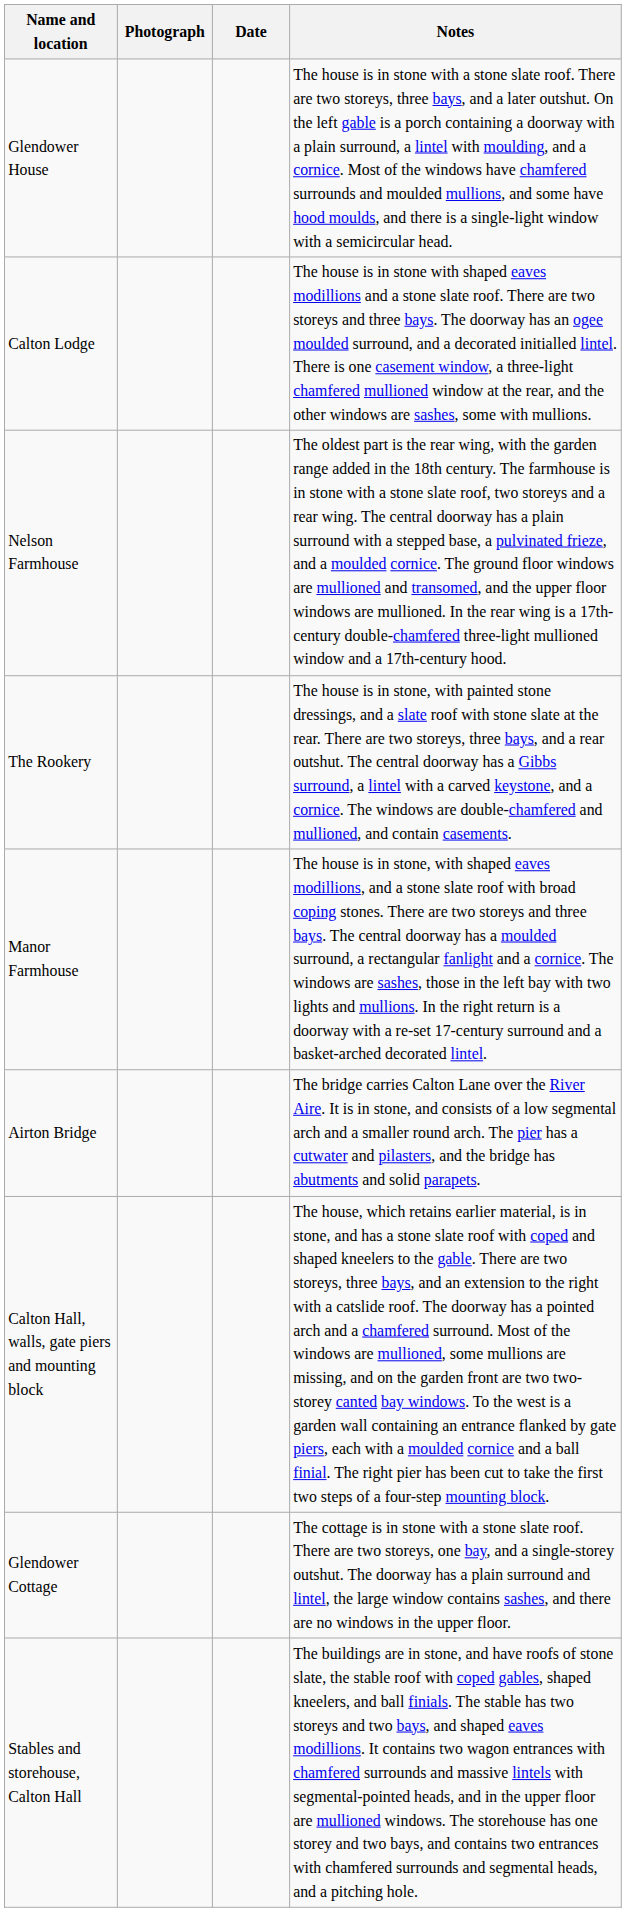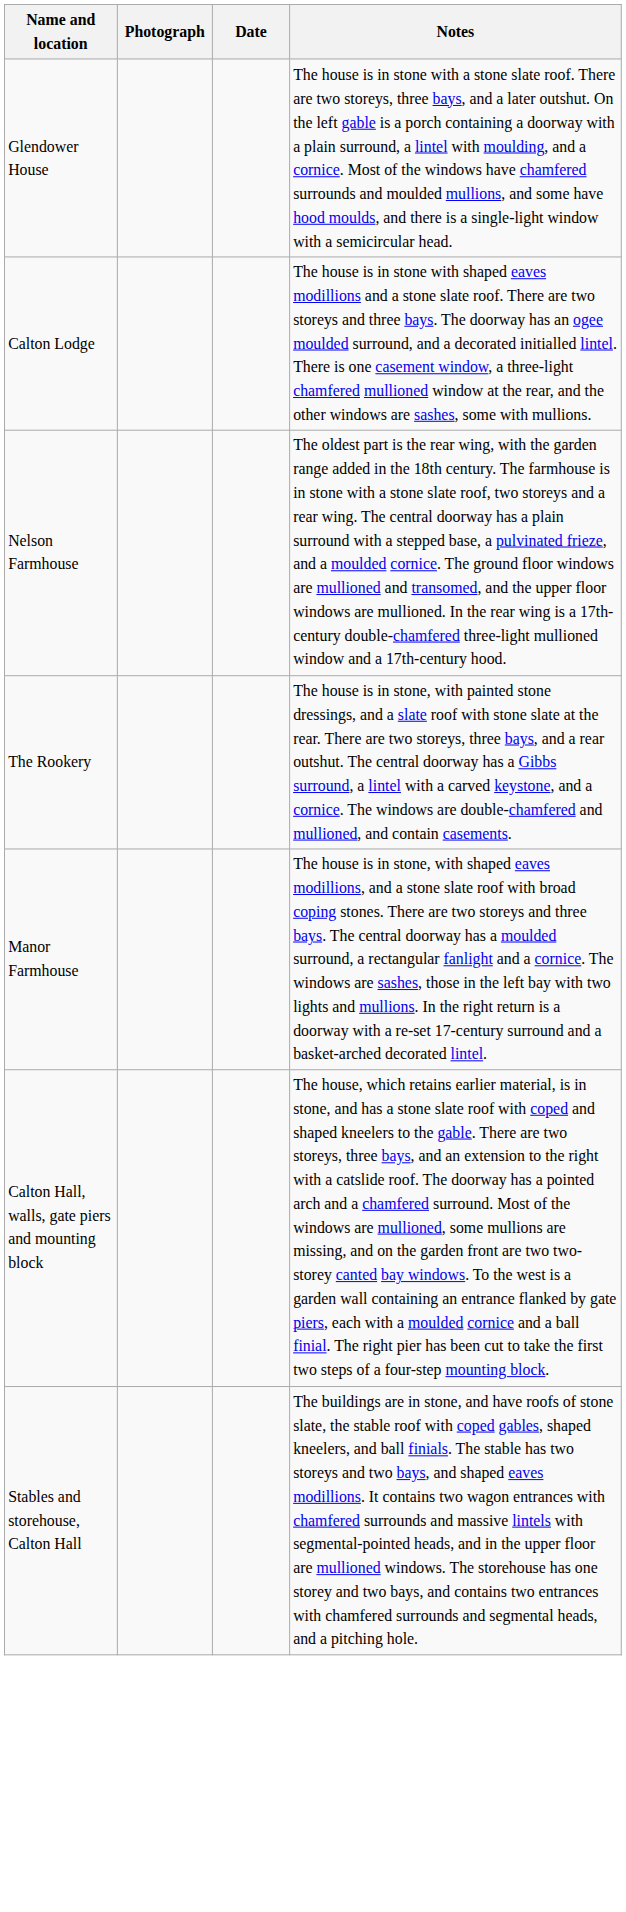 <table class="wikitable sortable plainrowheaders" style="width:100%;border:0px;text-align:left;line-height:150%;">
 <tr>
 <th scope="col"  style="width:150px">Name and location</th>
 <th scope="col"  style="width:100px" class="unsortable">Photograph</th>
 <th scope="col"  style="width:120px">Date</th>
 <th scope="col"  style="width:650px" class="unsortable">Notes</th>
 </tr>
 <tr>
 <td>Glendower House<br><small></small></td>
 <td></td>
 <td align="center"></td>
 <td>The house is in stone with a stone slate roof.  There are two storeys, three <a href='#'>bays</a>, and a later outshut.  On the left <a href='#'>gable</a> is a porch containing a doorway with a plain surround, a <a href='#'>lintel</a> with <a href='#'>moulding</a>, and a <a href='#'>cornice</a>.  Most of the windows have <a href='#'>chamfered</a> surrounds and moulded <a href='#'>mullions</a>, and some have <a href='#'>hood moulds</a>, and there is a single-light window with a semicircular head.</td>
 </tr>
 <tr>
 <td>Calton Lodge<br><small></small></td>
 <td></td>
 <td align="center"></td>
 <td>The house is in stone with shaped <a href='#'>eaves</a> <a href='#'>modillions</a> and a stone slate roof.  There are two storeys and three <a href='#'>bays</a>.  The doorway has an <a href='#'>ogee</a> <a href='#'>moulded</a> surround, and a decorated initialled <a href='#'>lintel</a>.  There is one <a href='#'>casement window</a>, a three-light <a href='#'>chamfered</a> <a href='#'>mullioned</a> window at the rear, and the other windows are <a href='#'>sashes</a>, some with mullions.</td>
 </tr>
 <tr>
 <td>Nelson Farmhouse<br><small></small></td>
 <td></td>
 <td align="center"></td>
 <td>The oldest part is the rear wing, with the garden range added in the 18th century.  The farmhouse is in stone with a stone slate roof, two storeys and a rear wing.  The central doorway has a plain surround with a stepped base, a <a href='#'>pulvinated frieze</a>, and a <a href='#'>moulded</a> <a href='#'>cornice</a>.  The ground floor windows are <a href='#'>mullioned</a> and <a href='#'>transomed</a>, and the upper floor windows are mullioned.  In the rear wing is a 17th-century double-<a href='#'>chamfered</a> three-light mullioned window and a 17th-century hood.</td>
 </tr>
 <tr>
 <td>The Rookery<br><small></small></td>
 <td></td>
 <td align="center"></td>
 <td>The house is in stone, with painted stone dressings, and a <a href='#'>slate</a> roof with stone slate at the rear.  There are two storeys, three <a href='#'>bays</a>, and a rear outshut.  The central doorway has a <a href='#'>Gibbs surround</a>, a <a href='#'>lintel</a> with a carved <a href='#'>keystone</a>, and a <a href='#'>cornice</a>.  The windows are double-<a href='#'>chamfered</a> and <a href='#'>mullioned</a>, and contain <a href='#'>casements</a>.</td>
 </tr>
 <tr>
 <td>Manor Farmhouse<br><small></small></td>
 <td></td>
 <td align="center"></td>
 <td>The house is in stone, with shaped <a href='#'>eaves</a> <a href='#'>modillions</a>, and a stone slate roof with broad <a href='#'>coping</a> stones.  There are two storeys and three <a href='#'>bays</a>.  The central doorway has a <a href='#'>moulded</a> surround, a rectangular <a href='#'>fanlight</a> and a <a href='#'>cornice</a>.  The windows are <a href='#'>sashes</a>, those in the left bay with two lights and <a href='#'>mullions</a>.  In the right return is a doorway with a re-set 17-century  surround and a basket-arched decorated <a href='#'>lintel</a>.</td>
 </tr>
 <tr>
-<td>Airton Bridge<br><small></small></td>
-<td></td>
-<td align="center"></td>
-<td>The bridge carries Calton Lane over the <a href='#'>River Aire</a>.  It is in stone, and consists of a low segmental arch and a smaller round arch.  The <a href='#'>pier</a> has a <a href='#'>cutwater</a> and <a href='#'>pilasters</a>, and the bridge has <a href='#'>abutments</a> and solid <a href='#'>parapets</a>.</td>
-</tr>
-<tr>
 <td>Calton Hall, walls, gate piers and mounting block<br><small></small></td>
 <td></td>
 <td align="center"></td>
 <td>The house, which retains earlier material, is in stone, and has a stone slate roof with <a href='#'>coped</a> and shaped kneelers to the <a href='#'>gable</a>.  There are two storeys, three <a href='#'>bays</a>, and an extension to the right with a catslide roof.  The doorway has a pointed arch and a <a href='#'>chamfered</a> surround.  Most of the windows are <a href='#'>mullioned</a>, some mullions are missing, and on the garden front are two two-storey <a href='#'>canted</a> <a href='#'>bay windows</a>.  To the west is a garden wall containing an entrance flanked by gate <a href='#'>piers</a>, each with a <a href='#'>moulded</a> <a href='#'>cornice</a> and a ball <a href='#'>finial</a>.  The right pier has been cut to take the first two steps of a four-step <a href='#'>mounting block</a>.</td>
-</tr>
-<tr>
-<td>Glendower Cottage<br><small></small></td>
-<td></td>
-<td align="center"></td>
-<td>The cottage is in stone with a stone slate roof.  There are two storeys, one <a href='#'>bay</a>, and a single-storey outshut.  The doorway has a plain surround and <a href='#'>lintel</a>, the large window contains <a href='#'>sashes</a>, and there are no windows in the upper floor.</td>
 </tr>
 <tr>
 <td>Stables and storehouse, Calton Hall<br><small></small></td>
 <td></td>
 <td align="center"></td>
 <td>The buildings are in stone, and have roofs of stone slate, the stable roof with <a href='#'>coped</a> <a href='#'>gables</a>, shaped kneelers, and ball <a href='#'>finials</a>.  The stable has two storeys and two <a href='#'>bays</a>, and shaped <a href='#'>eaves</a> <a href='#'>modillions</a>.  It contains two wagon entrances with <a href='#'>chamfered</a> surrounds and massive <a href='#'>lintels</a> with segmental-pointed heads, and in the upper floor are <a href='#'>mullioned</a> windows.  The storehouse has one storey and two bays, and contains two entrances with chamfered surrounds and segmental heads, and a pitching hole.</td>
 </tr>
 <tr>
 </tr>
 </table>
